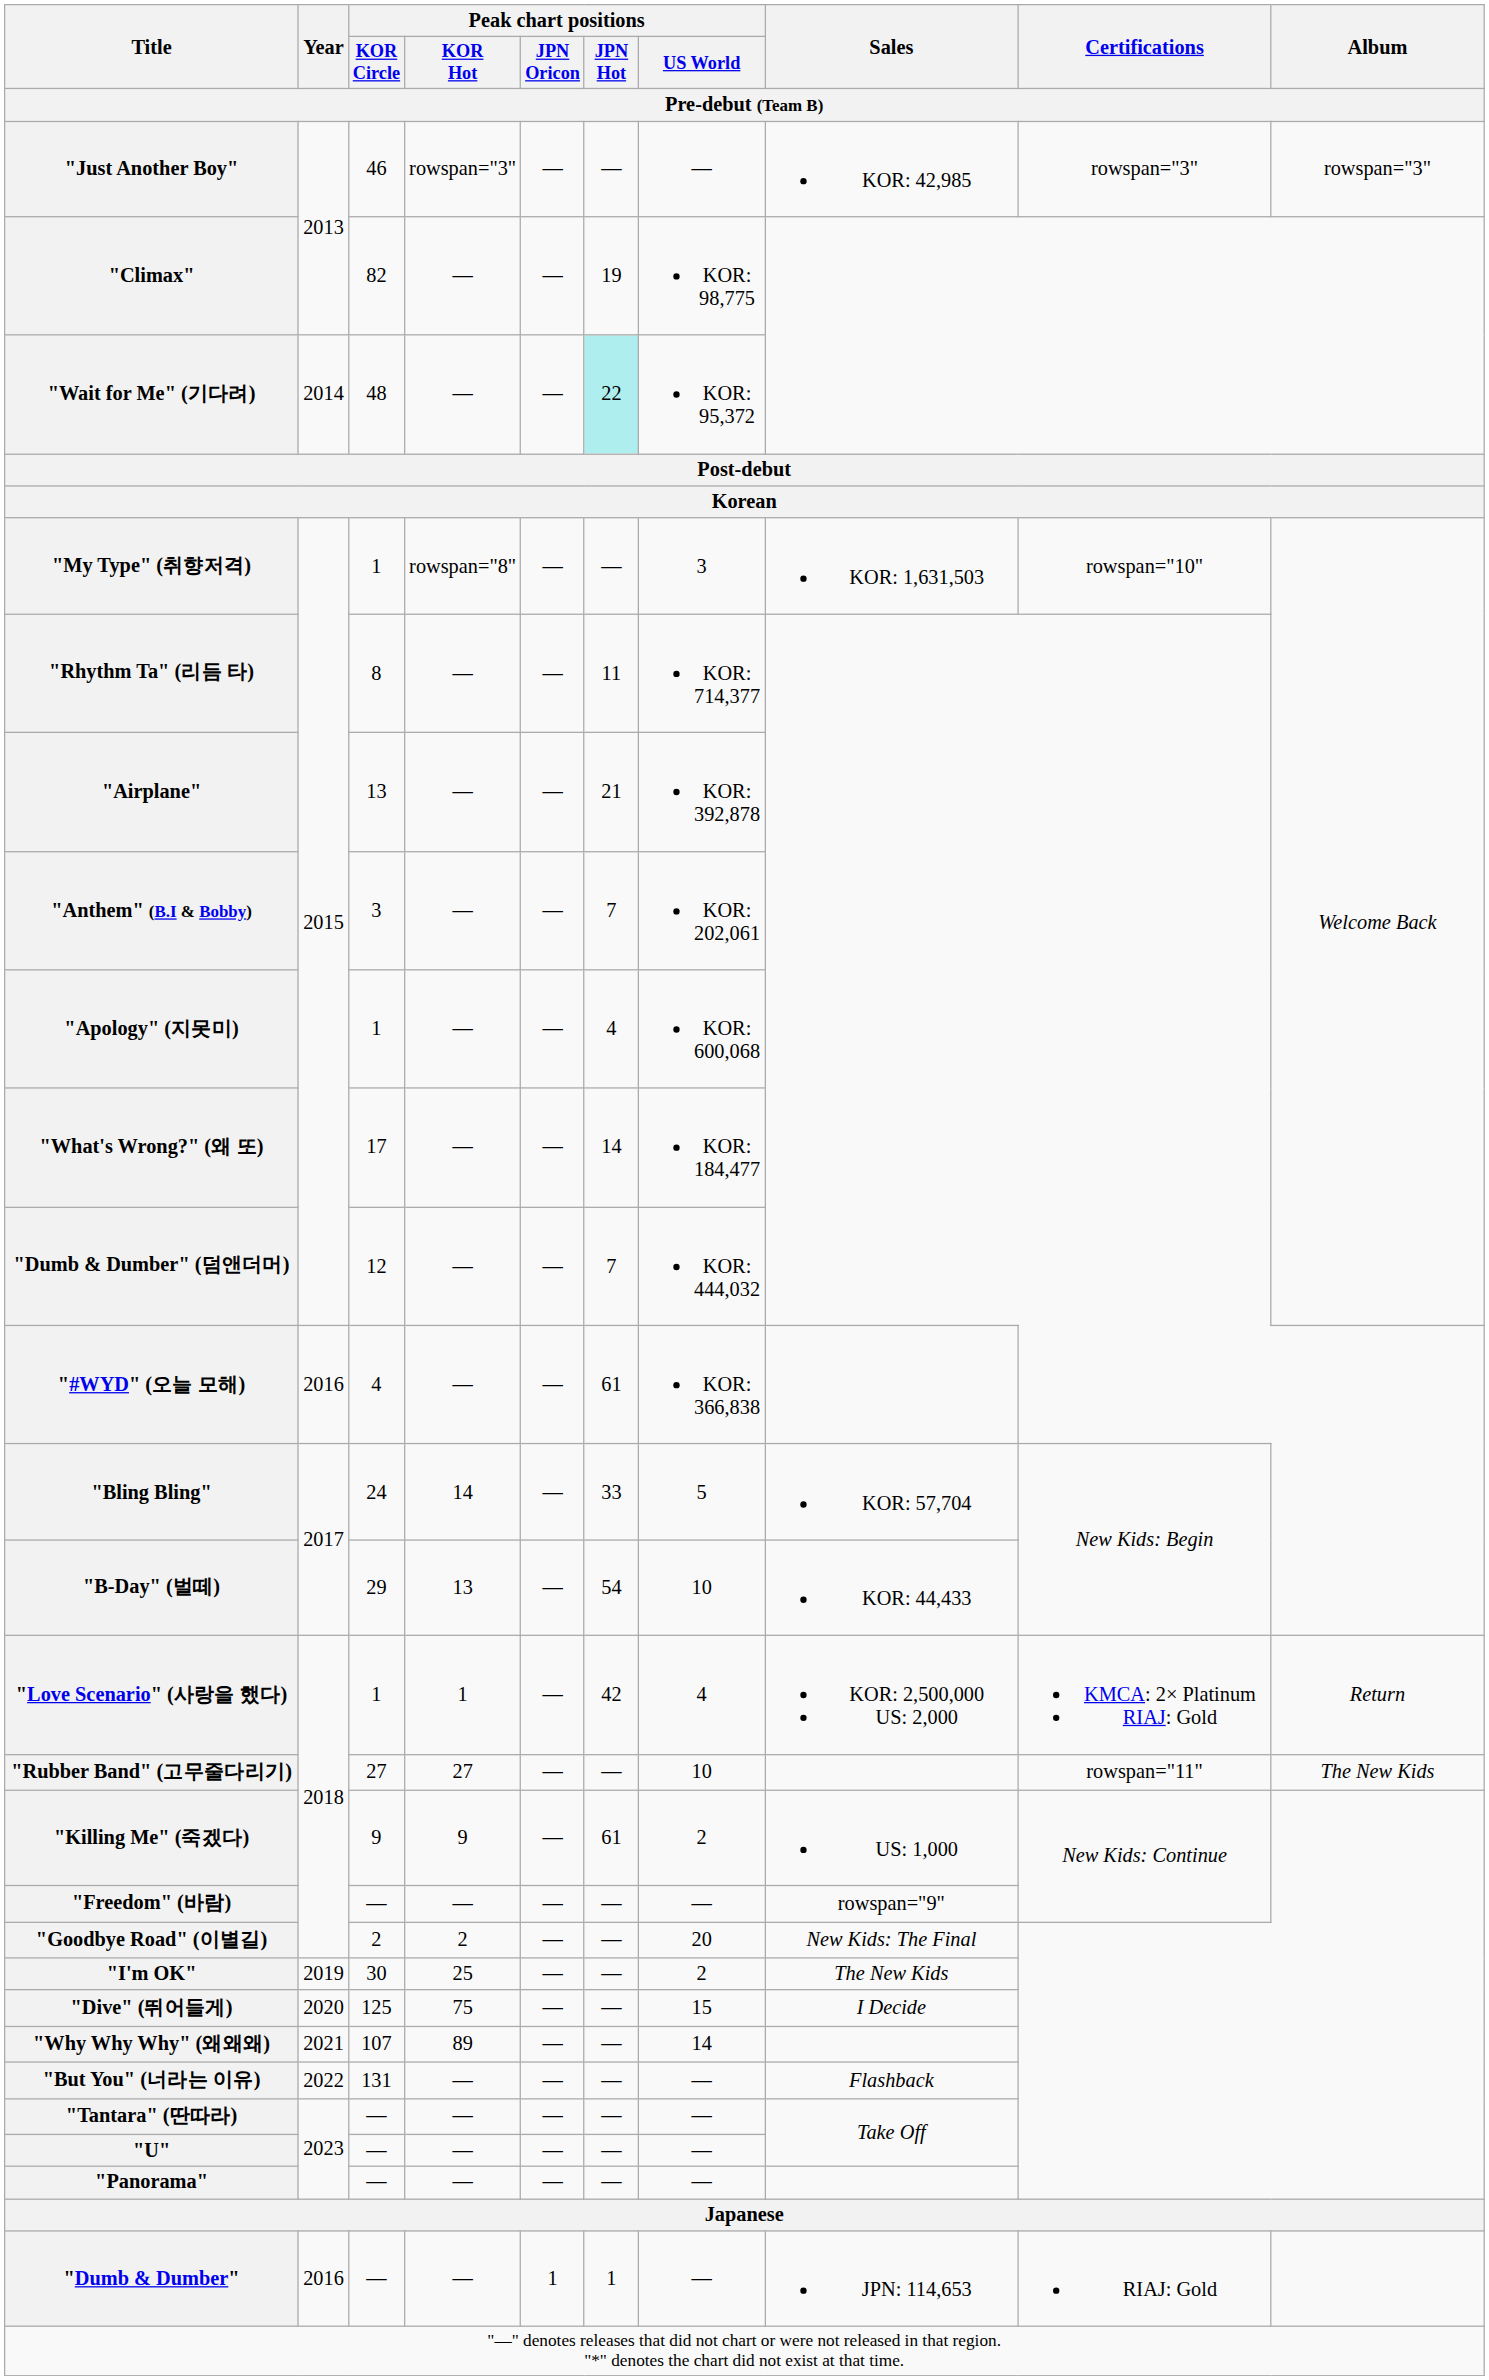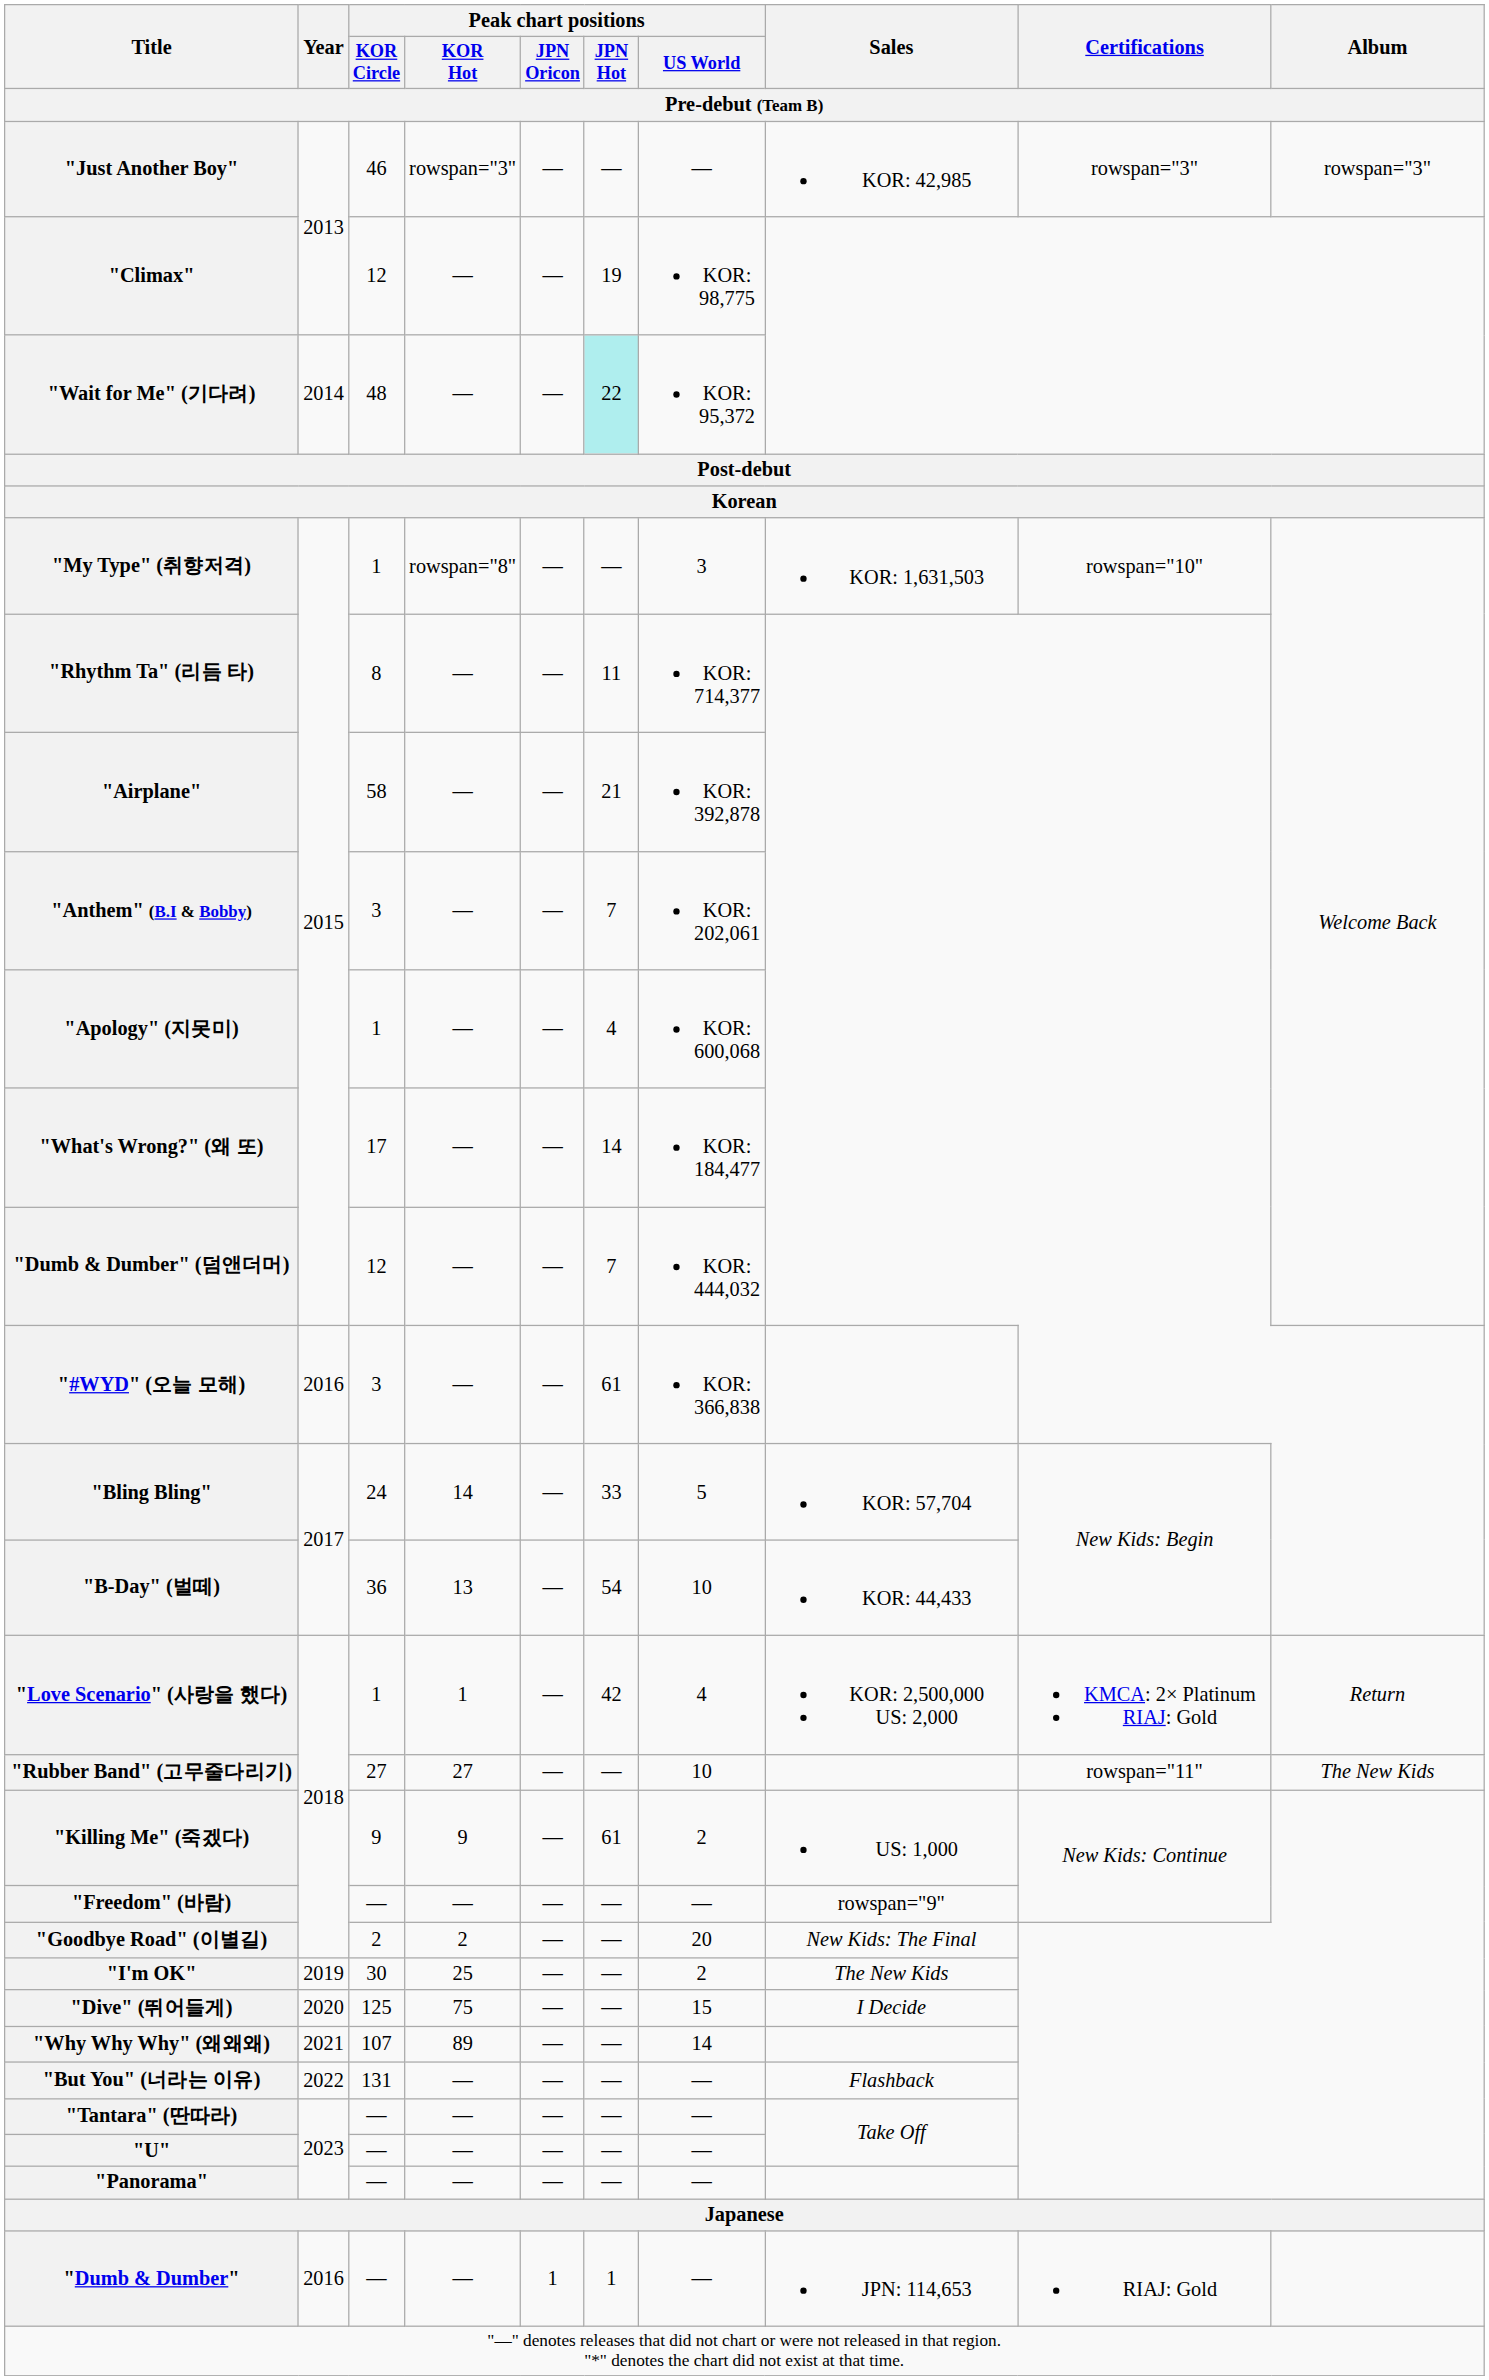 <table class="wikitable plainrowheaders" style="text-align:center;">
 <tr>
 <th scope="col" rowspan="2" style="width:14em;">Title</th>
 <th scope="col" rowspan="2" style="width:2em;">Year</th>
 <th scope="col" colspan="5">Peak chart positions</th>
 <th scope="col" rowspan="2" style="width:12em;">Sales</th>
 <th scope="col" rowspan="2" style="width:12em;"><a href='#'>Certifications</a></th>
 <th scope="col" rowspan="2" style="width:10em;">Album</th>
 </tr>
 <tr>
 <th scope="col" style="width:2.5em;font-size:90%;"><a href='#'>KOR<br>Circle</a><br></th>
 <th scope="col" style="width:2.5em;font-size:90%;"><a href='#'>KOR<br>Hot</a><br></th>
 <th scope="col" style="width:2.5em;font-size:90%;"><a href='#'>JPN<br>Oricon</a><br></th>
 <th scope="col" style="width:2.5em;font-size:90%;"><a href='#'>JPN<br>Hot</a><br></th>
 <th scope="col" style="width:2.5em;font-size:90%;"><a href='#'>US World</a><br></th>
 </tr>
 <tr>
 <th colspan="10">Pre-debut <small>(Team B)</small></th>
 </tr>
 <tr>
 <th scope="row">"Just Another Boy"</th>
 <td rowspan="2">2013</td>
 <td>46</td>
 <td>rowspan="3" </td>
 <td>—</td>
 <td>—</td>
 <td>—</td>
 <td><br><ul><li>KOR: 42,985</li></ul></td>
 <td>rowspan="3" </td>
 <td>rowspan="3" </td>
 </tr>
 <tr>
 <th scope="row">"Climax"</th>
-<td>82</td>
+<td>12</td>
 <td>—</td>
 <td>—</td>
 <td>19</td>
 <td><br><ul><li>KOR: 98,775</li></ul></td>
 </tr>
 <tr>
 <th scope="row">"Wait for Me" (기다려)</th>
 <td>2014</td>
 <td>48</td>
 <td>—</td>
 <td>—</td>
 <td style="background: paleturquoise;">22</td>
 <td><br><ul><li>KOR: 95,372</li></ul></td>
 </tr>
 <tr>
 <th colspan="10">Post-debut</th>
 </tr>
 <tr>
 <th colspan="10">Korean</th>
 </tr>
 <tr>
 <th scope="row">"My Type" (취향저격)</th>
 <td rowspan="7">2015</td>
 <td>1</td>
 <td>rowspan="8" </td>
 <td>—</td>
 <td>—</td>
 <td>3</td>
 <td><br><ul><li>KOR: 1,631,503</li></ul></td>
 <td>rowspan="10" </td>
 <td rowspan="7"><em>Welcome Back</em></td>
 </tr>
 <tr>
 <th scope="row">"Rhythm Ta" (리듬 타)</th>
 <td>8</td>
 <td>—</td>
 <td>—</td>
 <td>11</td>
 <td><br><ul><li>KOR: 714,377</li></ul></td>
 </tr>
 <tr>
 <th scope="row">"Airplane"</th>
-<td>13</td>
+<td>58</td>
 <td>—</td>
 <td>—</td>
 <td>21</td>
 <td><br><ul><li>KOR: 392,878</li></ul></td>
 </tr>
 <tr>
 <th scope="row">"Anthem" <small>(<a href='#'>B.I</a> & <a href='#'>Bobby</a>)</small></th>
 <td>3</td>
 <td>—</td>
 <td>—</td>
 <td>7</td>
 <td><br><ul><li>KOR: 202,061</li></ul></td>
 </tr>
 <tr>
 <th scope="row">"Apology" (지못미)</th>
 <td>1</td>
 <td>—</td>
 <td>—</td>
 <td>4</td>
 <td><br><ul><li>KOR: 600,068</li></ul></td>
 </tr>
 <tr>
 <th scope="row">"What's Wrong?" (왜 또)</th>
 <td>17</td>
 <td>—</td>
 <td>—</td>
 <td>14</td>
 <td><br><ul><li>KOR: 184,477</li></ul></td>
 </tr>
 <tr>
 <th scope="row">"Dumb & Dumber" (덤앤더머)</th>
 <td>12</td>
 <td>—</td>
 <td>—</td>
 <td>7</td>
 <td><br><ul><li>KOR: 444,032</li></ul></td>
 </tr>
 <tr>
 <th scope="row">"<a href='#'>#WYD</a>" (오늘 모해)</th>
 <td>2016</td>
-<td>4</td>
+<td>3</td>
 <td>—</td>
 <td>—</td>
 <td>61</td>
 <td><br><ul><li>KOR: 366,838</li></ul></td>
 <td></td>
 </tr>
 <tr>
 <th scope="row">"Bling Bling"</th>
 <td rowspan="2">2017</td>
 <td>24</td>
 <td>14</td>
 <td>—</td>
 <td>33</td>
 <td>5</td>
 <td><br><ul><li>KOR: 57,704</li></ul></td>
 <td rowspan="2"><em>New Kids: Begin</em></td>
 </tr>
 <tr>
 <th scope="row">"B-Day" (벌떼)</th>
-<td>29</td>
+<td>36</td>
 <td>13</td>
 <td>—</td>
 <td>54</td>
 <td>10</td>
 <td><br><ul><li>KOR: 44,433</li></ul></td>
 </tr>
 <tr>
 <th scope="row">"<a href='#'>Love Scenario</a>" (사랑을 했다)</th>
 <td rowspan="5">2018</td>
 <td>1</td>
 <td>1</td>
 <td>—</td>
 <td>42</td>
 <td>4</td>
 <td><br><ul><li>KOR: 2,500,000</li><li>US: 2,000</li></ul></td>
 <td><br><ul><li><a href='#'>KMCA</a>: 2× Platinum</li><li><a href='#'>RIAJ</a>: Gold </li></ul></td>
 <td><em>Return</em></td>
 </tr>
 <tr>
 <th scope="row">"Rubber Band" (고무줄다리기)</th>
 <td>27</td>
 <td>27</td>
 <td>—</td>
 <td>—</td>
 <td>10</td>
 <td></td>
 <td>rowspan="11" </td>
 <td><em>The New Kids</em></td>
 </tr>
 <tr>
 <th scope="row">"Killing Me" (죽겠다)</th>
 <td>9</td>
 <td>9</td>
 <td>—</td>
 <td>61</td>
 <td>2</td>
 <td><br><ul><li>US: 1,000</li></ul></td>
 <td rowspan="2"><em>New Kids: Continue</em></td>
 </tr>
 <tr>
 <th scope="row">"Freedom" (바람)</th>
 <td>—</td>
 <td>—</td>
 <td>—</td>
 <td>—</td>
 <td>—</td>
 <td>rowspan="9" </td>
 </tr>
 <tr>
 <th scope="row">"Goodbye Road" (이별길)</th>
 <td>2</td>
 <td>2</td>
 <td>—</td>
 <td>—</td>
 <td>20</td>
 <td><em>New Kids: The Final</em></td>
 </tr>
 <tr>
 <th scope="row">"I'm OK"</th>
 <td>2019</td>
 <td>30</td>
 <td>25</td>
 <td>—</td>
 <td>—</td>
 <td>2</td>
 <td><em>The New Kids</em></td>
 </tr>
 <tr>
 <th scope="row">"Dive" (뛰어들게)</th>
 <td>2020</td>
 <td>125</td>
 <td>75</td>
 <td>—</td>
 <td>—</td>
 <td>15</td>
 <td><em>I Decide</em></td>
 </tr>
 <tr>
 <th scope="row">"Why Why Why" (왜왜왜)</th>
 <td>2021</td>
 <td>107</td>
 <td>89</td>
 <td>—</td>
 <td>—</td>
 <td>14</td>
 <td></td>
 </tr>
 <tr>
 <th scope="row">"But You" (너라는 이유)</th>
 <td>2022</td>
 <td>131</td>
 <td>—</td>
 <td>—</td>
 <td>—</td>
 <td>—</td>
 <td><em>Flashback</em></td>
 </tr>
 <tr>
 <th scope="row">"Tantara" (딴따라)</th>
 <td rowspan="3">2023</td>
 <td>—</td>
 <td>—</td>
 <td>—</td>
 <td>—</td>
 <td>—</td>
 <td rowspan="2"><em>Take Off</em></td>
 </tr>
 <tr>
 <th scope="row">"U"</th>
 <td>—</td>
 <td>—</td>
 <td>—</td>
 <td>—</td>
 <td>—</td>
 </tr>
 <tr>
 <th scope="row">"Panorama"</th>
 <td>—</td>
 <td>—</td>
 <td>—</td>
 <td>—</td>
 <td>—</td>
 <td></td>
 </tr>
 <tr>
 <th colspan="10">Japanese</th>
 </tr>
 <tr>
 <th scope="row">"<a href='#'>Dumb & Dumber</a>"</th>
 <td>2016</td>
 <td>—</td>
 <td>—</td>
 <td>1</td>
 <td>1</td>
 <td>—</td>
 <td><br><ul><li>JPN: 114,653</li></ul></td>
 <td><br><ul><li>RIAJ: Gold</li></ul></td>
 <td></td>
 </tr>
 <tr>
 <td colspan="10" style="font-size:85%;">"—" denotes releases that did not chart or were not released in that region.<br>"*" denotes the chart did not exist at that time.</td>
 </tr>
 </table>
